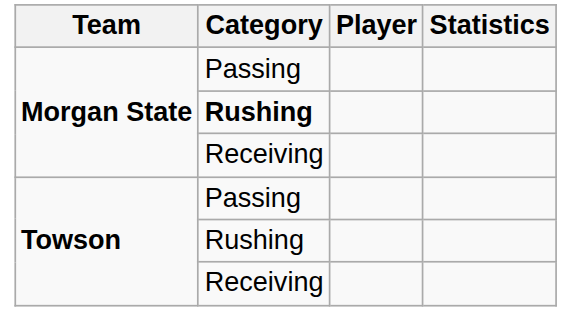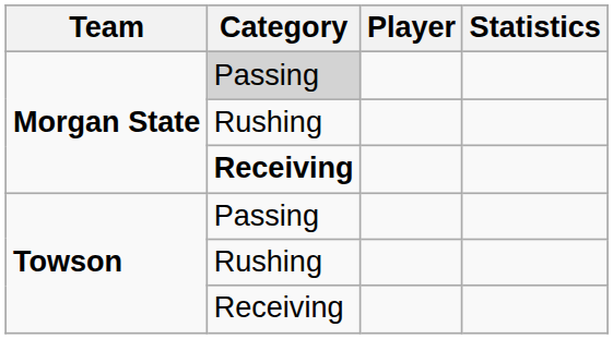 <table class="wikitable" style="float: right;">
 <tr>
 <th>Team</th>
 <th>Category</th>
 <th>Player</th>
 <th>Statistics</th>
 </tr>
 <tr>
 <td rowspan=3><strong>Morgan State</strong></td>
-<td>Passing</td>
+<td style="background: lightgrey;">Passing</td>
 <td></td>
 <td></td>
 </tr>
 <tr>
-<td><strong>Rushing</strong></td>
+<td>Rushing</td>
 <td></td>
 <td></td>
 </tr>
 <tr>
-<td>Receiving</td>
+<td><strong>Receiving</strong></td>
 <td></td>
 <td></td>
 </tr>
 <tr>
 <td rowspan=3><strong>Towson</strong></td>
 <td>Passing</td>
 <td></td>
 <td></td>
 </tr>
 <tr>
 <td>Rushing</td>
 <td></td>
 <td></td>
 </tr>
 <tr>
 <td>Receiving</td>
 <td></td>
 <td></td>
 </tr>
 </table>
